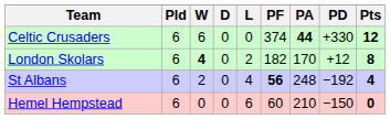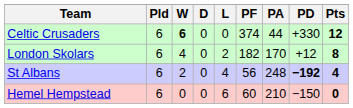 <table class="wikitable" style="text-align: center;">
 <tr>
 </tr>
 <tr>
 <th width="175">Team</th>
 <th width="20">Pld</th>
 <th width="20">W</th>
 <th width="20">D</th>
 <th width="20">L</th>
 <th width="20">PF</th>
 <th width="20">PA</th>
 <th width="20">PD</th>
 <th width="20">Pts</th>
 </tr>
 <tr bgcolor=#ccffcc>
 <td align=left><a href='#'>Celtic Crusaders</a></td>
 <td>6</td>
-<td>6</td>
+<td><strong>6</strong></td>
 <td>0</td>
 <td>0</td>
 <td>374</td>
-<td><strong>44</strong></td>
+<td>44</td>
 <td>+330</td>
 <td><strong>12</strong></td>
 </tr>
 <tr bgcolor=#ccffcc>
 <td align=left><a href='#'>London Skolars</a></td>
 <td>6</td>
-<td><strong>4</strong></td>
+<td>4</td>
 <td>0</td>
 <td>2</td>
 <td>182</td>
 <td>170</td>
 <td>+12</td>
 <td><strong>8</strong></td>
 </tr>
 <tr bgcolor=#ccccff>
 <td align=left><a href='#'>St Albans</a></td>
 <td>6</td>
 <td>2</td>
 <td>0</td>
 <td>4</td>
-<td><strong>56</strong></td>
+<td>56</td>
 <td>248</td>
-<td>−192</td>
+<td><strong>−192</strong></td>
 <td><strong>4</strong></td>
 </tr>
 <tr bgcolor=#ffcccc>
 <td align=left><a href='#'>Hemel Hempstead</a></td>
 <td>6</td>
 <td>0</td>
 <td>0</td>
 <td>6</td>
 <td>60</td>
 <td>210</td>
 <td>−150</td>
 <td><strong>0</strong></td>
 </tr>
 </table>
